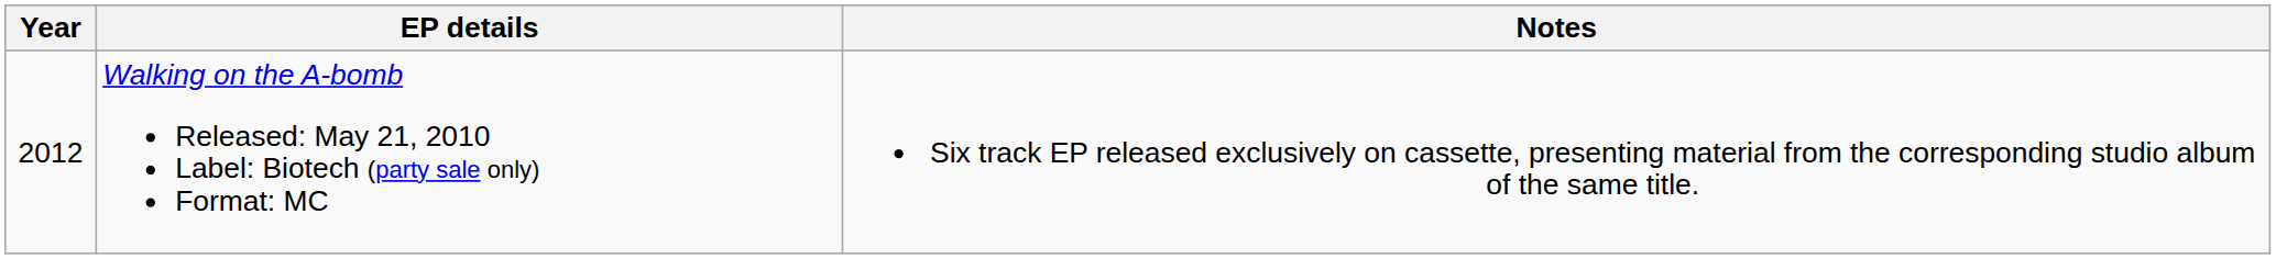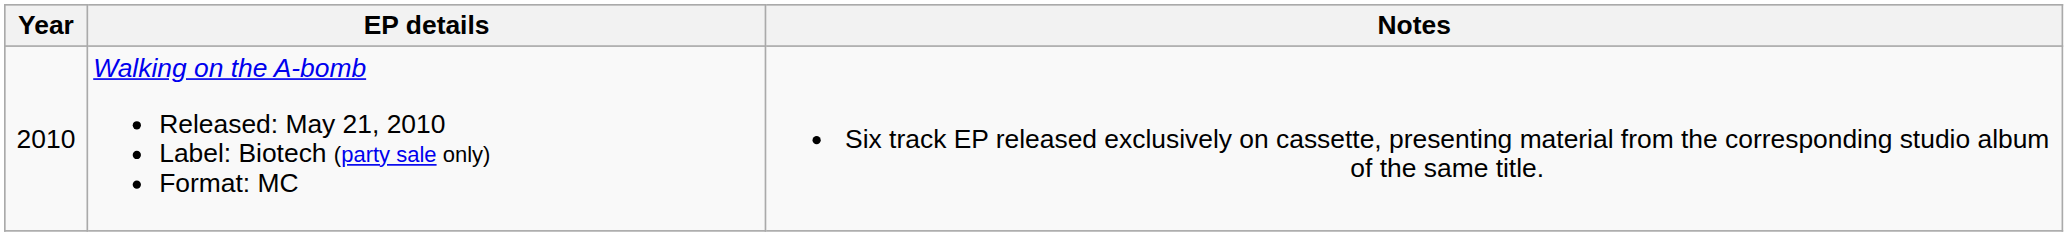 <table class="wikitable" style="text-align:center;">
 <tr>
 <th width=4%>Year</th>
 <th width=33%>EP details</th>
 <th width=63%>Notes</th>
 </tr>
 <tr>
-<td>2012</td>
+<td>2010</td>
 <td align="left"><em><a href='#'>Walking on the A-bomb</a></em><br><ul><li>Released: May 21, 2010</li><li>Label: Biotech <small>(<a href='#'>party sale</a> only)</small></li><li>Format: MC</li></ul></td>
 <td><br><ul><li>Six track EP released exclusively on cassette, presenting material from the corresponding studio album of the same title.</li></ul></td>
 </tr>
 </table>
